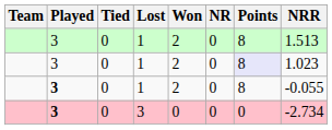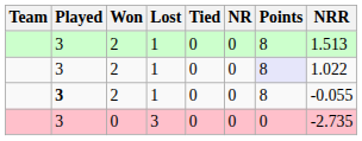 <table class="wikitable">
 <tr>
 <th>Team</th>
 <th>Played</th>
+<th>Won</th>
+<th>Lost</th>
 <th>Tied</th>
-<th>Lost</th>
-<th>Won</th>
 <th>NR</th>
 <th>Points</th>
 <th>NRR</th>
 </tr>
 <tr style="background:#ccffcc">
 <td></td>
 <td>3</td>
+<td>2</td>
+<td>1</td>
 <td>0</td>
-<td>1</td>
-<td>2</td>
 <td>0</td>
 <td>8</td>
 <td>1.513</td>
 </tr>
 <tr>
 <td></td>
 <td>3</td>
+<td>2</td>
+<td>1</td>
 <td>0</td>
-<td>1</td>
-<td>2</td>
 <td>0</td>
 <td style="background: lavender;">8</td>
-<td>1.023</td>
+<td>1.022</td>
 </tr>
 <tr>
 <td></td>
 <td><strong>3</strong></td>
+<td>2</td>
+<td>1</td>
 <td>0</td>
-<td>1</td>
-<td>2</td>
 <td>0</td>
 <td>8</td>
 <td>-0.055</td>
 </tr>
 <tr style="background:pink">
 <td></td>
-<td><strong>3</strong></td>
+<td>3</td>
 <td>0</td>
 <td>3</td>
 <td>0</td>
 <td>0</td>
 <td>0</td>
-<td>-2.734</td>
+<td>-2.735</td>
 </tr>
 </table>
